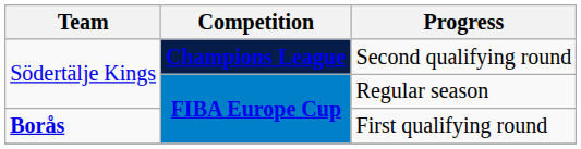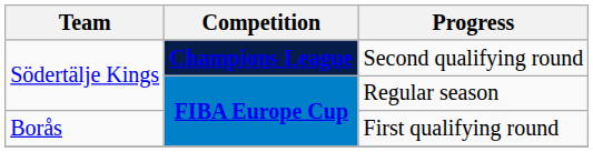 <table class="wikitable sortable">
 <tr>
 <th>Team</th>
 <th>Competition</th>
 <th>Progress</th>
 </tr>
 <tr>
 <td rowspan=2><a href='#'>Södertälje Kings</a></td>
 <td style="background-color:#071D49;color:#D0D3D4;text-align:center"><strong><a href='#'><span>Champions League</span></a></strong></td>
 <td>Second qualifying round</td>
 </tr>
 <tr>
 <td rowspan=2 style="background-color:#0080C8;color:white;text-align:center"><strong><a href='#'><span>FIBA Europe Cup</span></a></strong></td>
 <td>Regular season</td>
 </tr>
 <tr>
-<td><strong><a href='#'>Borås</a></strong></td>
+<td><a href='#'>Borås</a></td>
 <td>First qualifying round</td>
 </tr>
 <tr>
 </tr>
 </table>
